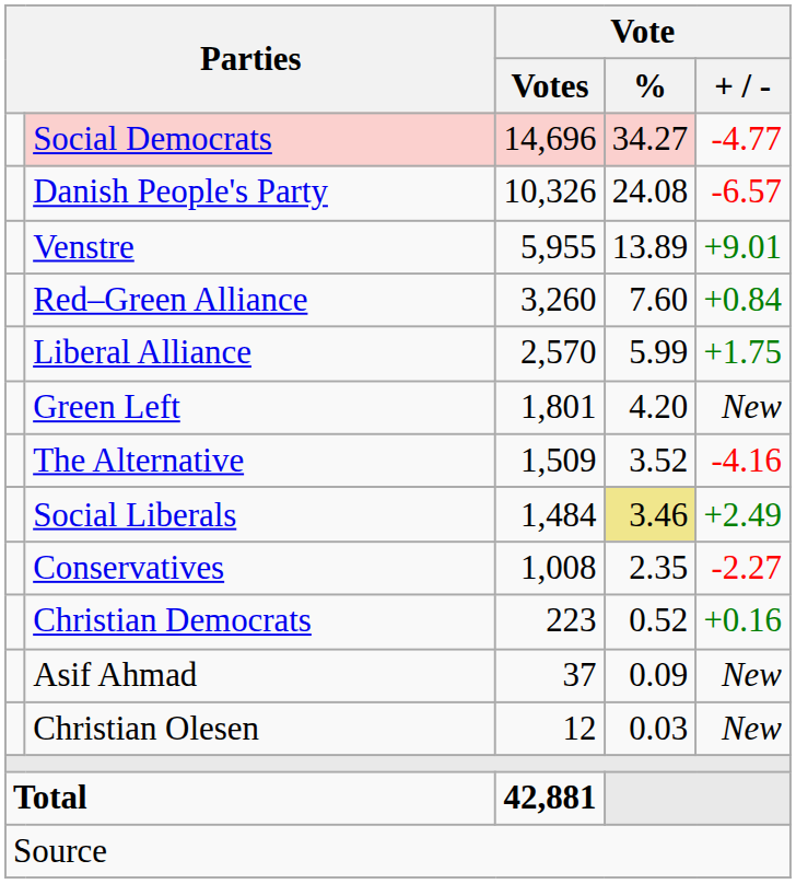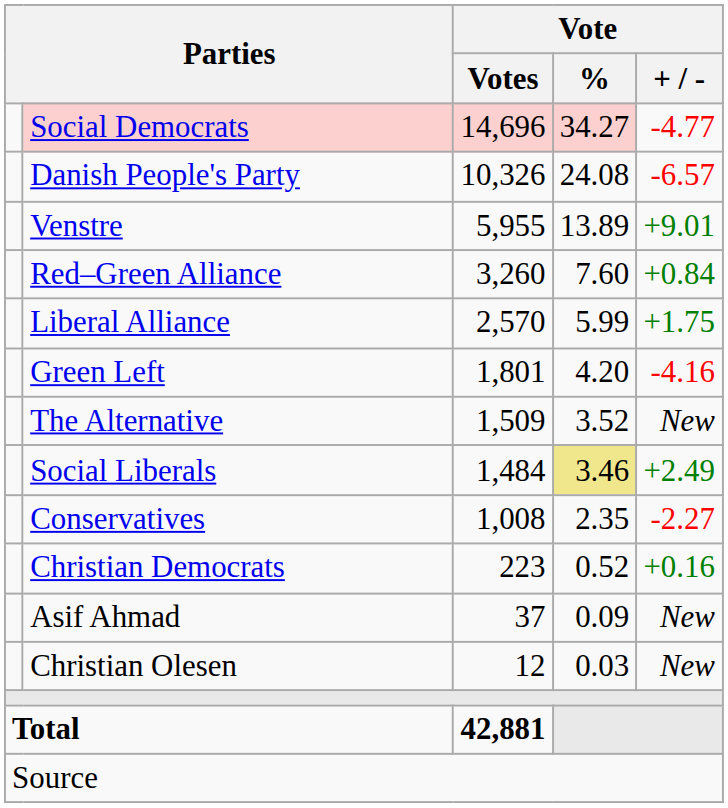 <table class="wikitable" style="text-align:right;">
 <tr>
 <th style="text-align:centre;" rowspan="2" colspan="2" width="225">Parties</th>
 <th colspan="3">Vote</th>
 </tr>
 <tr>
 <th width="15">Votes</th>
 <th width="15">%</th>
 <th width="15">+ / -</th>
 </tr>
 <tr>
 <td width="2" style="color:inherit;background:"></td>
 <td bgcolor=#fbd0ce  align="left"><a href='#'>Social Democrats</a></td>
 <td bgcolor=#fbd0ce>14,696</td>
 <td bgcolor=#fbd0ce>34.27</td>
 <td style=color:red;>-4.77</td>
 </tr>
 <tr>
 <td width="2" style="color:inherit;background:"></td>
 <td align="left"><a href='#'>Danish People's Party</a></td>
 <td>10,326</td>
 <td>24.08</td>
 <td style=color:red;>-6.57</td>
 </tr>
 <tr>
 <td width="2" style="color:inherit;background:"></td>
 <td align="left"><a href='#'>Venstre</a></td>
 <td>5,955</td>
 <td>13.89</td>
 <td style=color:green;>+9.01</td>
 </tr>
 <tr>
 <td width="2" style="color:inherit;background:"></td>
 <td align="left"><a href='#'>Red–Green Alliance</a></td>
 <td>3,260</td>
 <td>7.60</td>
 <td style=color:green;>+0.84</td>
 </tr>
 <tr>
 <td width="2" style="color:inherit;background:"></td>
 <td align="left"><a href='#'>Liberal Alliance</a></td>
 <td>2,570</td>
 <td>5.99</td>
 <td style=color:green;>+1.75</td>
 </tr>
 <tr>
 <td width="2" style="color:inherit;background:"></td>
 <td align="left"><a href='#'>Green Left</a></td>
 <td>1,801</td>
 <td>4.20</td>
-<td><em>New</em></td>
+<td style=color:red;>-4.16</td>
 </tr>
 <tr>
 <td width="2" style="color:inherit;background:"></td>
 <td align="left"><a href='#'>The Alternative</a></td>
 <td>1,509</td>
 <td>3.52</td>
-<td style=color:red;>-4.16</td>
+<td><em>New</em></td>
 </tr>
 <tr>
 <td width="2" style="color:inherit;background:"></td>
 <td align="left"><a href='#'>Social Liberals</a></td>
 <td>1,484</td>
 <td style="background: khaki;">3.46</td>
 <td style=color:green;>+2.49</td>
 </tr>
 <tr>
 <td width="2" style="color:inherit;background:"></td>
 <td align="left"><a href='#'>Conservatives</a></td>
 <td>1,008</td>
 <td>2.35</td>
 <td style=color:red;>-2.27</td>
 </tr>
 <tr>
 <td width="2" style="color:inherit;background:"></td>
 <td align="left"><a href='#'>Christian Democrats</a></td>
 <td>223</td>
 <td>0.52</td>
 <td style=color:green;>+0.16</td>
 </tr>
 <tr>
 <td width="2" style="color:inherit;background:"></td>
 <td align="left">Asif Ahmad</td>
 <td>37</td>
 <td>0.09</td>
 <td><em>New</em></td>
 </tr>
 <tr>
 <td width="2" style="color:inherit;background:"></td>
 <td align="left">Christian Olesen</td>
 <td>12</td>
 <td>0.03</td>
 <td><em>New</em></td>
 </tr>
 <tr>
 <td colspan="7" bgcolor="#E9E9E9"></td>
 </tr>
 <tr>
 <td align="left" colspan="2"><strong>Total</strong></td>
 <td><strong>42,881</strong></td>
 <td bgcolor="#E9E9E9" colspan="2"></td>
 </tr>
 <tr>
 <td align="left" colspan="6">Source</td>
 </tr>
 </table>
